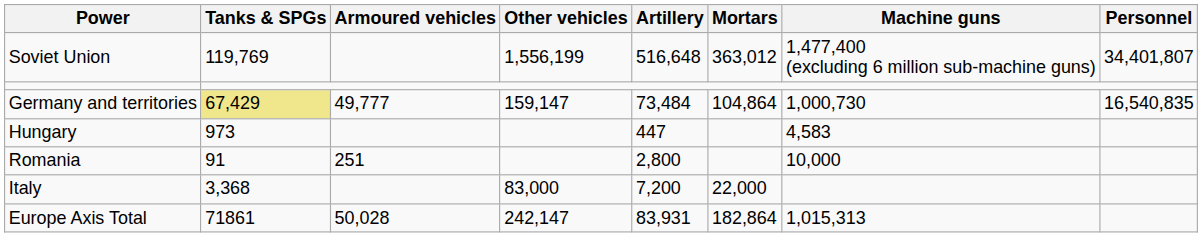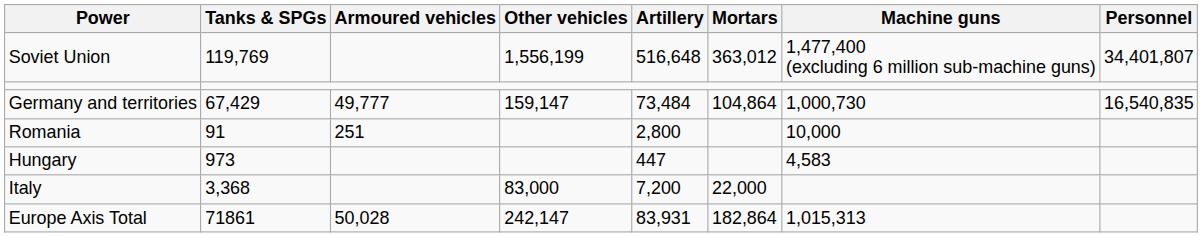 <table class="wikitable">
 <tr>
 <th>Power</th>
 <th>Tanks & SPGs</th>
 <th>Armoured vehicles</th>
 <th>Other vehicles</th>
 <th>Artillery</th>
 <th>Mortars</th>
 <th>Machine guns</th>
 <th>Personnel</th>
 </tr>
 <tr>
 <td>Soviet Union</td>
 <td>119,769</td>
 <td></td>
 <td>1,556,199</td>
 <td>516,648</td>
 <td>363,012</td>
 <td>1,477,400<br>(excluding 6 million sub-machine guns)</td>
 <td>34,401,807</td>
 </tr>
 <tr>
 <td></td>
 </tr>
 <tr>
 <td>Germany and territories</td>
-<td style="background: khaki;">67,429</td>
+<td>67,429</td>
 <td>49,777</td>
 <td>159,147</td>
 <td>73,484</td>
 <td>104,864</td>
 <td>1,000,730</td>
 <td>16,540,835</td>
+</tr>
+<tr>
+<td>Romania</td>
+<td>91</td>
+<td>251</td>
+<td></td>
+<td>2,800</td>
+<td></td>
+<td>10,000</td>
+<td></td>
 </tr>
 <tr>
 <td>Hungary</td>
 <td>973</td>
 <td></td>
 <td></td>
 <td>447</td>
 <td></td>
 <td>4,583</td>
-<td></td>
-</tr>
-<tr>
-<td>Romania</td>
-<td>91</td>
-<td>251</td>
-<td></td>
-<td>2,800</td>
-<td></td>
-<td>10,000</td>
 <td></td>
 </tr>
 <tr>
 <td>Italy</td>
 <td>3,368</td>
 <td></td>
 <td>83,000</td>
 <td>7,200</td>
 <td>22,000</td>
 <td></td>
 <td></td>
 </tr>
 <tr>
 <td>Europe Axis Total</td>
 <td>71861</td>
 <td>50,028</td>
 <td>242,147</td>
 <td>83,931</td>
 <td>182,864</td>
 <td>1,015,313</td>
 <td></td>
 </tr>
 </table>
